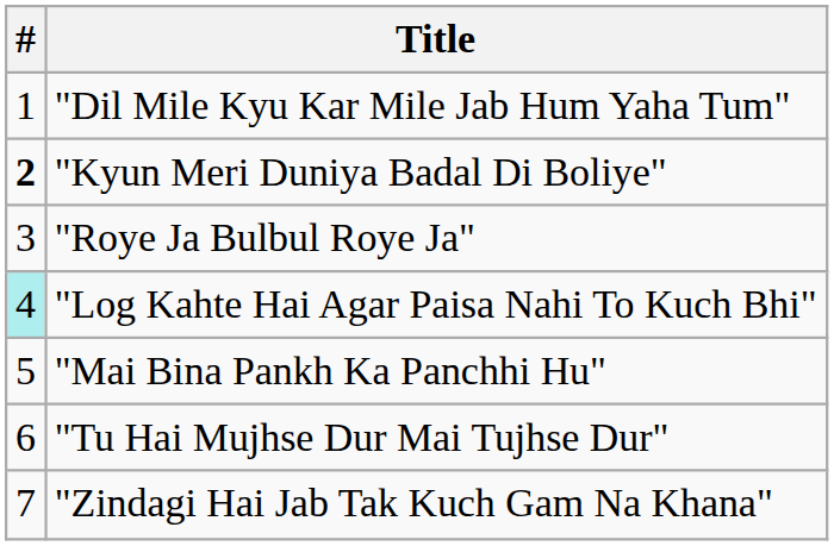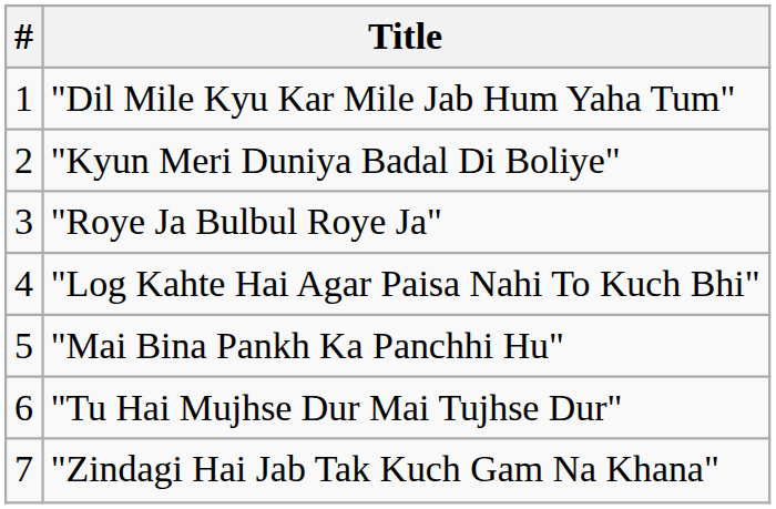 <table class="wikitable" style="font-size:95%;">
 <tr>
 <th>#</th>
 <th>Title</th>
 </tr>
 <tr>
 <td>1</td>
 <td>"Dil Mile Kyu Kar Mile Jab Hum Yaha Tum"</td>
 </tr>
 <tr>
-<td><strong>2</strong></td>
+<td>2</td>
 <td>"Kyun Meri Duniya Badal Di Boliye"</td>
 </tr>
 <tr>
 <td>3</td>
 <td>"Roye Ja Bulbul Roye Ja"</td>
 </tr>
 <tr>
-<td style="background: paleturquoise;">4</td>
+<td>4</td>
 <td>"Log Kahte Hai Agar Paisa Nahi To Kuch Bhi"</td>
 </tr>
 <tr>
 <td>5</td>
 <td>"Mai Bina Pankh Ka Panchhi Hu"</td>
 </tr>
 <tr>
 <td>6</td>
 <td>"Tu Hai Mujhse Dur Mai Tujhse Dur"</td>
 </tr>
 <tr>
 <td>7</td>
 <td>"Zindagi Hai Jab Tak Kuch Gam Na Khana"</td>
 </tr>
 </table>
